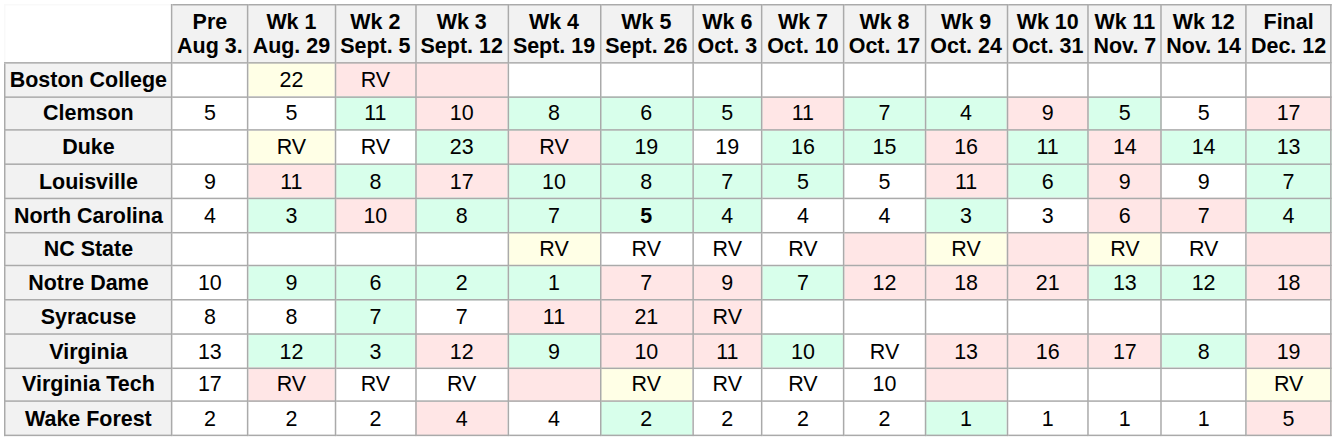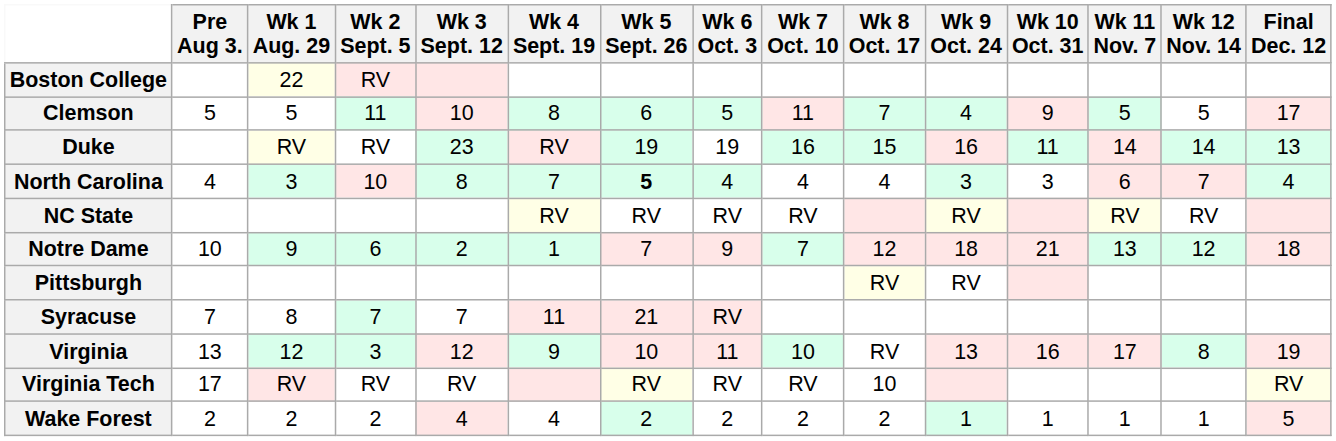 <table class="wikitable" style="white-space:nowrap;font-size:90%;">
 <tr>
 <th colspan=1 style="background:white; border-top-style:hidden; border-left-style:hidden;"></th>
 <th>Pre <br> Aug 3.</th>
 <th>Wk 1 <br> Aug. 29</th>
 <th>Wk 2 <br> Sept. 5</th>
 <th>Wk 3 <br> Sept. 12</th>
 <th>Wk 4 <br> Sept. 19</th>
 <th>Wk 5 <br> Sept. 26</th>
 <th>Wk 6 <br> Oct. 3</th>
 <th>Wk 7 <br> Oct. 10</th>
 <th>Wk 8 <br> Oct. 17</th>
 <th>Wk 9 <br> Oct. 24</th>
 <th>Wk 10 <br> Oct. 31</th>
 <th>Wk 11 <br> Nov. 7</th>
 <th>Wk 12 <br> Nov. 14</th>
 <th>Final <br> Dec. 12</th>
 </tr>
 <tr style="text-align:center;">
 <th>Boston College</th>
 <td style="background:#FFF;"></td>
 <td style="background:#FFFFE6;"> 22</td>
 <td style="background:#FFE6E6;"> RV</td>
 <td style="background:#FFE6E6;"></td>
 <td style="background:#FFF;"></td>
 <td style="background:#FFF;"></td>
 <td style="background:#FFF;"></td>
 <td style="background:#FFF;"></td>
 <td style="background:#FFF;"></td>
 <td style="background:#FFF;"></td>
 <td style="background:#FFF;"></td>
 <td style="background:#FFF;"></td>
 <td style="background:#FFF;"></td>
 <td style="background:#FFF;"></td>
 </tr>
 <tr style="text-align:center;">
 <th>Clemson</th>
 <td style="background:#FFF;"> 5</td>
 <td style="background:#FFF;"> 5</td>
 <td style="background:#D8FFEB;"> 11</td>
 <td style="background:#FFE6E6;"> 10</td>
 <td style="background:#D8FFEB;"> 8</td>
 <td style="background:#D8FFEB;"> 6</td>
 <td style="background:#D8FFEB;"> 5</td>
 <td style="background:#FFE6E6;"> 11</td>
 <td style="background:#D8FFEB;"> 7</td>
 <td style="background:#D8FFEB;"> 4</td>
 <td style="background:#FFE6E6;"> 9</td>
 <td style="background:#D8FFEB;"> 5</td>
 <td style="background:#FFF;"> 5</td>
 <td style="background:#FFE6E6;"> 17</td>
 </tr>
 <tr style="text-align:center;">
 <th>Duke</th>
 <td style="background:#FFF;"></td>
 <td style="background:#FFFFE6;"> RV</td>
 <td style="background:#FFF;"> RV</td>
 <td style="background:#D8FFEB;"> 23</td>
 <td style="background:#FFE6E6;"> RV</td>
 <td style="background:#D8FFEB;"> 19</td>
 <td style="background:#FFF;"> 19</td>
 <td style="background:#D8FFEB;"> 16</td>
 <td style="background:#D8FFEB;"> 15</td>
 <td style="background:#FFE6E6;"> 16</td>
 <td style="background:#D8FFEB;"> 11</td>
 <td style="background:#FFE6E6;"> 14</td>
 <td style="background:#D8FFEB;"> 14</td>
 <td style="background:#D8FFEB;"> 13</td>
 </tr>
 <tr style="text-align:center;">
-<th>Louisville</th>
-<td style="background:#FFF;"> 9</td>
-<td style="background:#FFE6E6;"> 11</td>
-<td style="background:#D8FFEB;"> 8</td>
-<td style="background:#FFE6E6;"> 17</td>
-<td style="background:#D8FFEB;"> 10</td>
-<td style="background:#D8FFEB;"> 8</td>
-<td style="background:#D8FFEB;"> 7</td>
-<td style="background:#D8FFEB;"> 5</td>
-<td style="background:#FFF;"> 5</td>
-<td style="background:#FFE6E6;"> 11</td>
-<td style="background:#D8FFEB;"> 6</td>
-<td style="background:#FFE6E6;"> 9</td>
-<td style="background:#FFF;"> 9</td>
-<td style="background:#D8FFEB;"> 7</td>
-</tr>
-<tr style="text-align:center;">
 <th>North Carolina</th>
 <td style="background:#FFF;"> 4</td>
 <td style="background:#D8FFEB;"> 3</td>
 <td style="background:#FFE6E6;"> 10</td>
 <td style="background:#D8FFEB;"> 8</td>
 <td style="background:#D8FFEB;"> 7</td>
 <td style="background:#D8FFEB;"><strong> 5</strong></td>
 <td style="background:#D8FFEB;"> 4</td>
 <td style="background:#FFF;"> 4</td>
 <td style="background:#FFF;"> 4</td>
 <td style="background:#D8FFEB;"> 3</td>
 <td style="background:#FFF;"> 3</td>
 <td style="background:#FFE6E6;"> 6</td>
 <td style="background:#FFE6E6;"> 7</td>
 <td style="background:#D8FFEB;"> 4</td>
 </tr>
 <tr style="text-align:center;">
 <th>NC State</th>
 <td style="background:#FFF;"></td>
 <td style="background:#FFF;"></td>
 <td style="background:#FFF;"></td>
 <td style="background:#FFF;"></td>
 <td style="background:#FFFFE6;"> RV</td>
 <td style="background:#FFF;"> RV</td>
 <td style="background:#FFF;"> RV</td>
 <td style="background:#FFF;"> RV</td>
 <td style="background:#FFE6E6;"></td>
 <td style="background:#FFFFE6;"> RV</td>
 <td style="background:#FFE6E6;"></td>
 <td style="background:#FFFFE6;"> RV</td>
 <td style="background:#FFF;"> RV</td>
 <td style="background:#FFE6E6;"></td>
 </tr>
 <tr style="text-align:center;">
 <th>Notre Dame</th>
 <td style="background:#FFF;"> 10</td>
 <td style="background:#D8FFEB;"> 9</td>
 <td style="background:#D8FFEB;"> 6</td>
 <td style="background:#D8FFEB;"> 2</td>
 <td style="background:#D8FFEB;"> 1</td>
 <td style="background:#FFE6E6;"> 7</td>
 <td style="background:#FFE6E6;"> 9</td>
 <td style="background:#D8FFEB;"> 7</td>
 <td style="background:#FFE6E6;"> 12</td>
 <td style="background:#FFE6E6;"> 18</td>
 <td style="background:#FFE6E6;"> 21</td>
 <td style="background:#D8FFEB;"> 13</td>
 <td style="background:#D8FFEB;"> 12</td>
 <td style="background:#FFE6E6;"> 18</td>
 </tr>
 <tr style="text-align:center;">
+<th>Pittsburgh</th>
+<td style="background:#FFF;"></td>
+<td style="background:#FFF;"></td>
+<td style="background:#FFF;"></td>
+<td style="background:#FFF;"></td>
+<td style="background:#FFF;"></td>
+<td style="background:#FFF;"></td>
+<td style="background:#FFF;"></td>
+<td style="background:#FFF;"></td>
+<td style="background:#FFFFE6;"> RV</td>
+<td style="background:#FFF;"> RV</td>
+<td style="background:#FFE6E6;"></td>
+<td style="background:#FFF;"></td>
+<td style="background:#FFF;"></td>
+<td style="background:#FFF;"></td>
+</tr>
+<tr style="text-align:center;">
 <th>Syracuse</th>
-<td style="background:#FFF;"> 8</td>
+<td style="background:#FFF;"> 7</td>
 <td style="background:#FFF;"> 8</td>
 <td style="background:#D8FFEB;"> 7</td>
 <td style="background:#FFF;"> 7</td>
 <td style="background:#FFE6E6;"> 11</td>
 <td style="background:#FFE6E6;"> 21</td>
 <td style="background:#FFE6E6;"> RV</td>
 <td style="background:#FFF;"></td>
 <td style="background:#FFF;"></td>
 <td style="background:#FFF;"></td>
 <td style="background:#FFF;"></td>
 <td style="background:#FFF;"></td>
 <td style="background:#FFF;"></td>
 <td style="background:#FFF;"></td>
 </tr>
 <tr style="text-align:center;">
 <th>Virginia</th>
 <td style="background:#FFF;"> 13</td>
 <td style="background:#D8FFEB;"> 12</td>
 <td style="background:#D8FFEB;"> 3</td>
 <td style="background:#FFE6E6;"> 12</td>
 <td style="background:#D8FFEB;"> 9</td>
 <td style="background:#FFE6E6;"> 10</td>
 <td style="background:#FFE6E6;"> 11</td>
 <td style="background:#D8FFEB;"> 10</td>
 <td style="background:#FFF;"> RV</td>
 <td style="background:#FFE6E6;"> 13</td>
 <td style="background:#FFE6E6;"> 16</td>
 <td style="background:#FFE6E6;"> 17</td>
 <td style="background:#D8FFEB;"> 8</td>
 <td style="background:#FFE6E6;"> 19</td>
 </tr>
 <tr style="text-align:center;">
 <th>Virginia Tech</th>
 <td style="background:#FFF;"> 17</td>
 <td style="background:#FFE6E6;"> RV</td>
 <td style="background:#FFF;"> RV</td>
 <td style="background:#FFF;"> RV</td>
 <td style="background:#FFE6E6;"></td>
 <td style="background:#FFFFE6;"> RV</td>
 <td style="background:#FFF;"> RV</td>
 <td style="background:#FFF;"> RV</td>
 <td style="background:#FFF;"> 10</td>
 <td style="background:#FFE6E6;"></td>
 <td style="background:#FFF;"></td>
 <td style="background:#FFF;"></td>
 <td style="background:#FFF;"></td>
 <td style="background:#FFFFE6;"> RV</td>
 </tr>
 <tr style="text-align:center;">
 <th>Wake Forest</th>
 <td style="background:#FFF;"> 2</td>
 <td style="background:#FFF;"> 2</td>
 <td style="background:#FFF;"> 2</td>
 <td style="background:#FFE6E6;"> 4</td>
 <td style="background:#FFF;"> 4</td>
 <td style="background:#D8FFEB;"> 2</td>
 <td style="background:#FFF;"> 2</td>
 <td style="background:#FFF;"> 2</td>
 <td style="background:#FFF;"> 2</td>
 <td style="background:#D8FFEB;"> 1</td>
 <td style="background:#FFF;"> 1</td>
 <td style="background:#FFF;"> 1</td>
 <td style="background:#FFF;"> 1</td>
 <td style="background:#FFE6E6;"> 5</td>
 </tr>
 </table>
